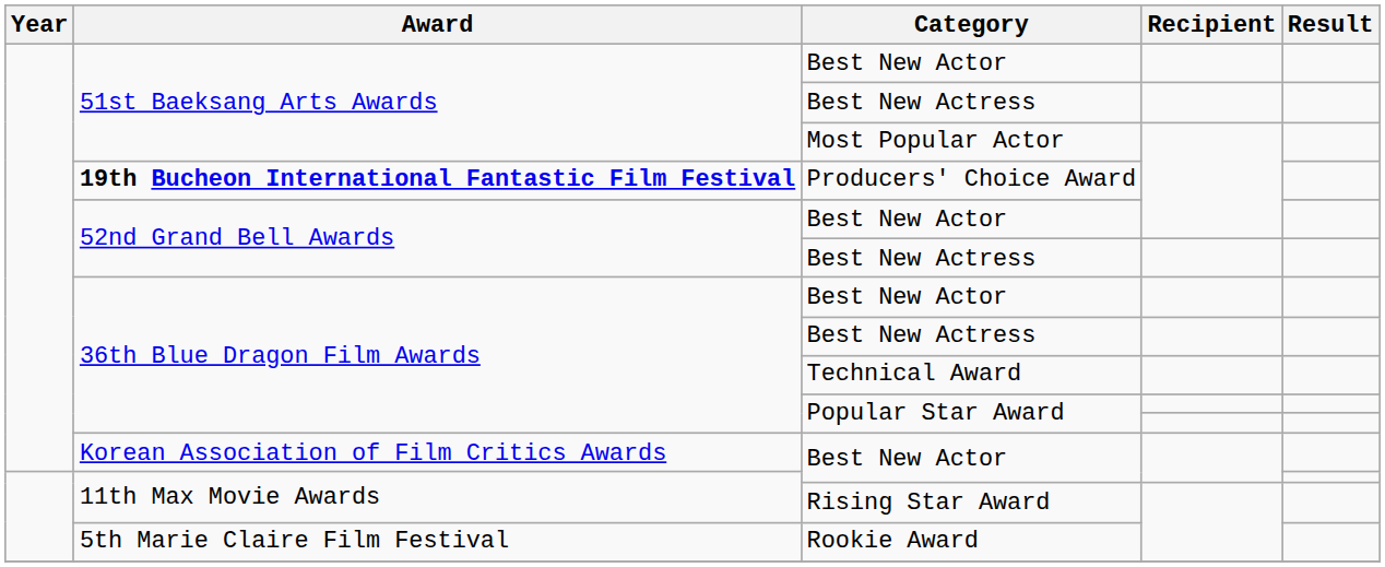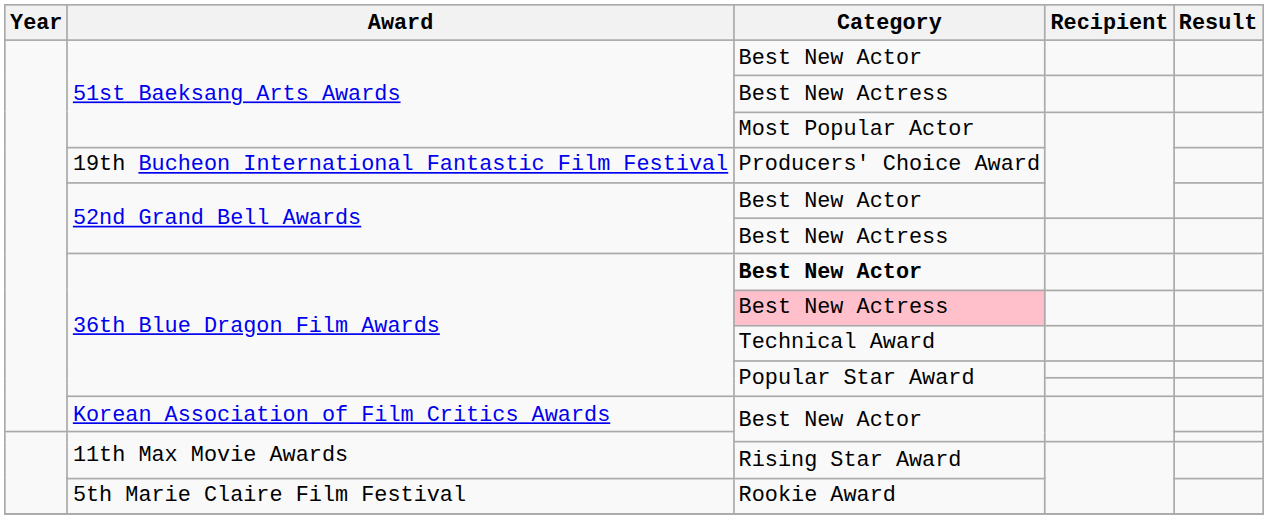 <table class="wikitable">
 <tr>
 <th>Year</th>
 <th>Award</th>
 <th>Category</th>
 <th>Recipient</th>
 <th>Result</th>
 </tr>
 <tr>
 <td rowspan="12"></td>
 <td rowspan="3"><a href='#'>51st Baeksang Arts Awards</a></td>
 <td>Best New Actor</td>
 <td></td>
 <td></td>
 </tr>
 <tr>
 <td>Best New Actress</td>
 <td></td>
 <td></td>
 </tr>
 <tr>
 <td>Most Popular Actor</td>
 <td rowspan="3"></td>
 <td></td>
 </tr>
 <tr>
-<td><strong>19th <a href='#'>Bucheon International Fantastic Film Festival</a></strong></td>
+<td>19th <a href='#'>Bucheon International Fantastic Film Festival</a></td>
 <td>Producers' Choice Award</td>
 <td></td>
 </tr>
 <tr>
 <td rowspan="2"><a href='#'>52nd Grand Bell Awards</a></td>
 <td>Best New Actor</td>
 <td></td>
 </tr>
 <tr>
 <td>Best New Actress</td>
 <td></td>
 <td></td>
 </tr>
 <tr>
 <td rowspan="5"><a href='#'>36th Blue Dragon Film Awards</a></td>
-<td>Best New Actor</td>
+<td><strong>Best New Actor</strong></td>
 <td></td>
 <td></td>
 </tr>
 <tr>
-<td>Best New Actress</td>
+<td style="background: pink;">Best New Actress</td>
 <td></td>
 <td></td>
 </tr>
 <tr>
 <td>Technical Award</td>
 <td></td>
 <td></td>
 </tr>
 <tr>
 <td rowspan="2">Popular Star Award</td>
 <td></td>
 <td></td>
 </tr>
 <tr>
 <td></td>
 <td></td>
 </tr>
 <tr>
 <td><a href='#'>Korean Association of Film Critics Awards</a></td>
 <td rowspan="2">Best New Actor</td>
 <td rowspan="2"></td>
 <td></td>
 </tr>
 <tr>
 <td rowspan="3"></td>
 <td rowspan="2">11th Max Movie Awards</td>
 <td></td>
 </tr>
 <tr>
 <td>Rising Star Award</td>
 <td rowspan="2"></td>
 <td></td>
 </tr>
 <tr>
 <td>5th Marie Claire Film Festival</td>
 <td>Rookie Award</td>
 <td></td>
 </tr>
 <tr>
 </tr>
 </table>
